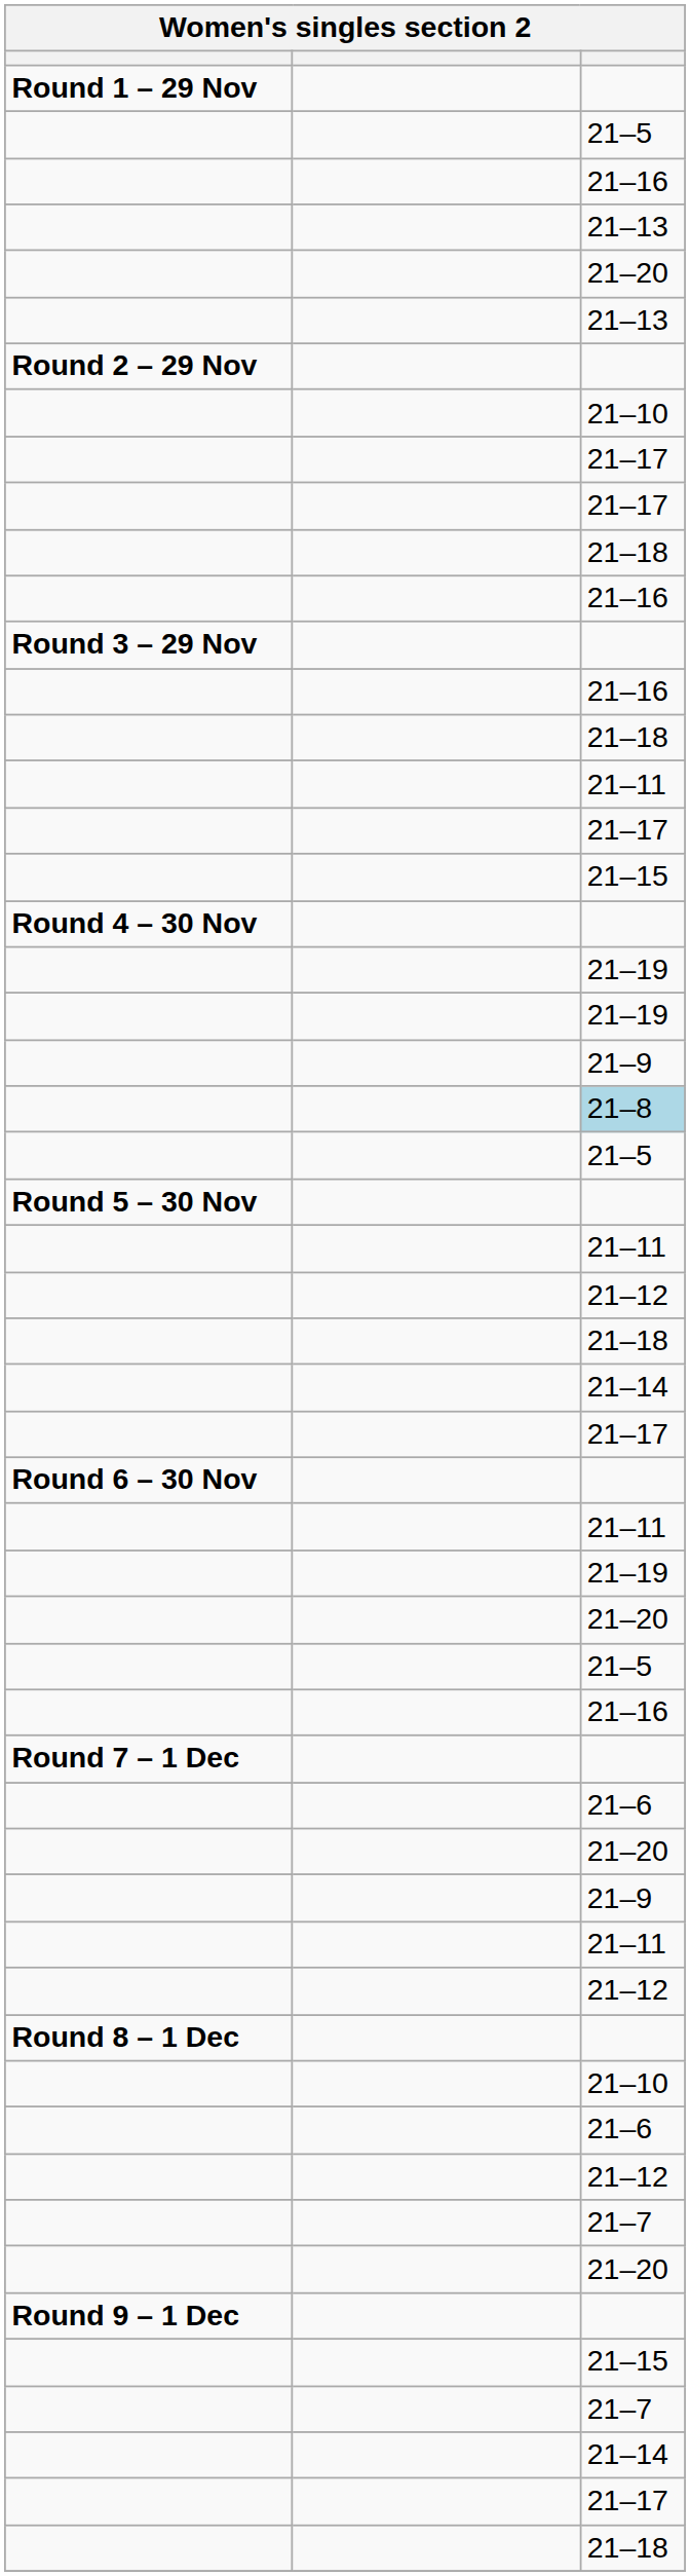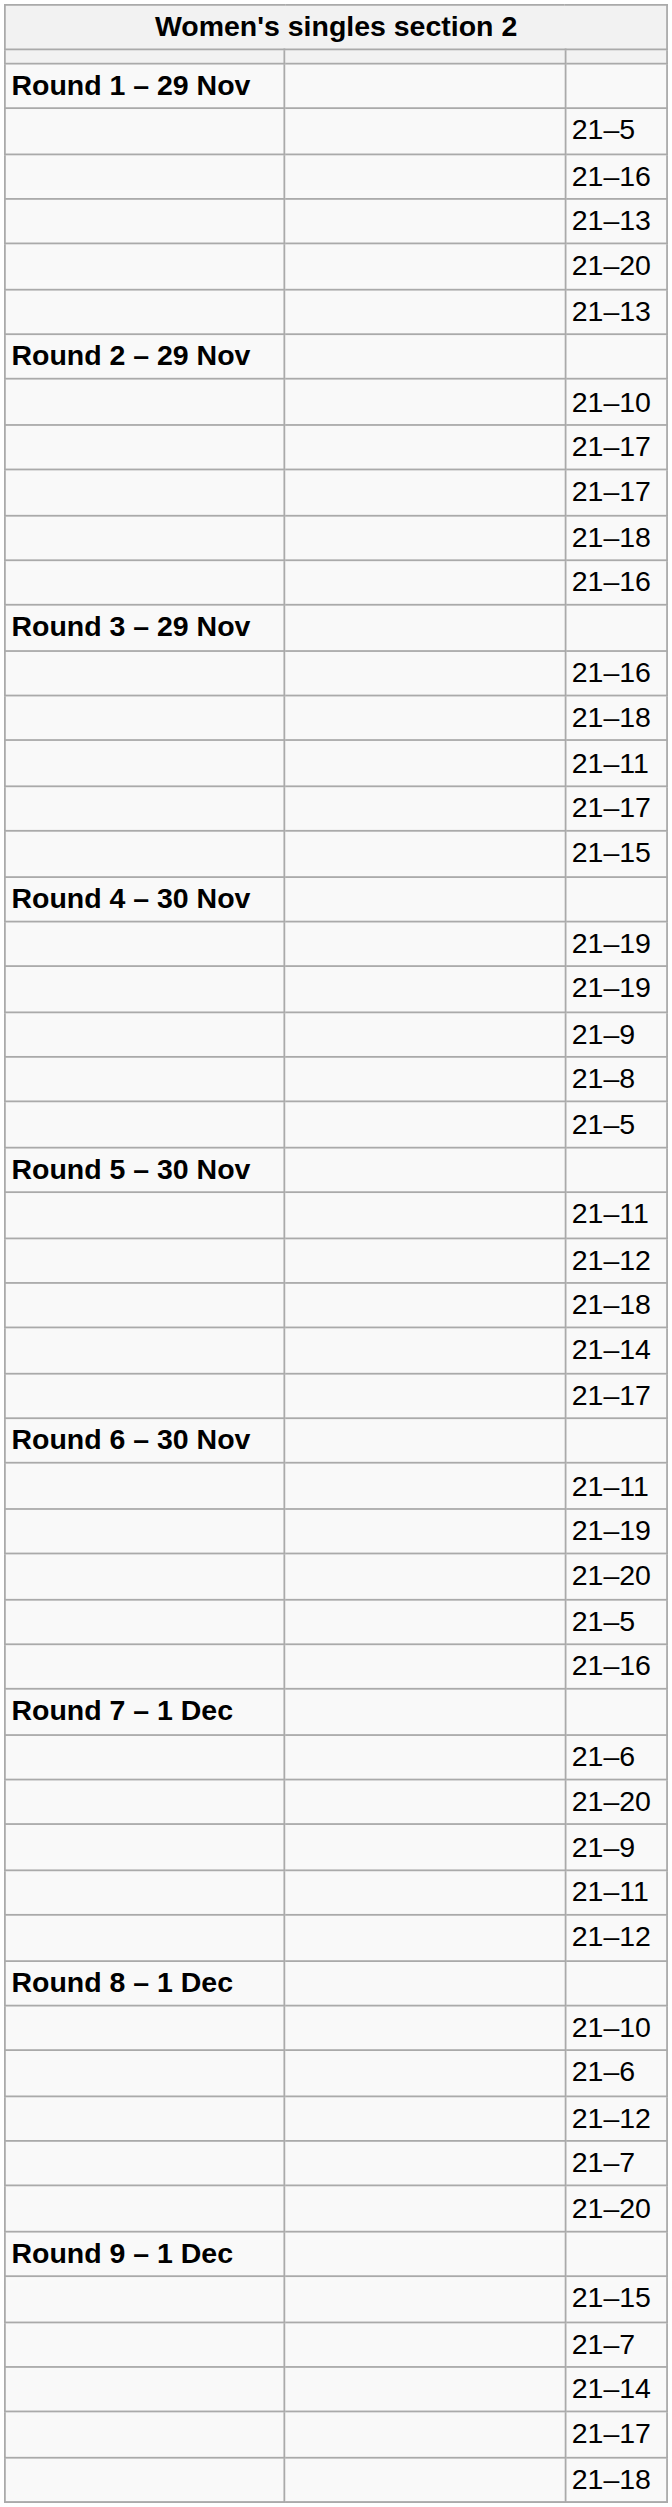 <table class="wikitable">
 <tr>
 <th colspan="3">Women's singles section 2</th>
 </tr>
 <tr>
 <th width=150></th>
 <th width=150></th>
 <th width=50></th>
 </tr>
 <tr>
 <td><strong>Round 1 – 29 Nov</strong></td>
 <td></td>
 <td></td>
 </tr>
 <tr>
 <td></td>
 <td></td>
 <td>21–5</td>
 </tr>
 <tr>
 <td></td>
 <td></td>
 <td>21–16</td>
 </tr>
 <tr>
 <td></td>
 <td></td>
 <td>21–13</td>
 </tr>
 <tr>
 <td></td>
 <td></td>
 <td>21–20</td>
 </tr>
 <tr>
 <td></td>
 <td></td>
 <td>21–13</td>
 </tr>
 <tr>
 <td><strong>Round 2 – 29 Nov</strong></td>
 <td></td>
 <td></td>
 </tr>
 <tr>
 <td></td>
 <td></td>
 <td>21–10</td>
 </tr>
 <tr>
 <td></td>
 <td></td>
 <td>21–17</td>
 </tr>
 <tr>
 <td></td>
 <td></td>
 <td>21–17</td>
 </tr>
 <tr>
 <td></td>
 <td></td>
 <td>21–18</td>
 </tr>
 <tr>
 <td></td>
 <td></td>
 <td>21–16</td>
 </tr>
 <tr>
 <td><strong>Round 3 – 29 Nov</strong></td>
 <td></td>
 <td></td>
 </tr>
 <tr>
 <td></td>
 <td></td>
 <td>21–16</td>
 </tr>
 <tr>
 <td></td>
 <td></td>
 <td>21–18</td>
 </tr>
 <tr>
 <td></td>
 <td></td>
 <td>21–11</td>
 </tr>
 <tr>
 <td></td>
 <td></td>
 <td>21–17</td>
 </tr>
 <tr>
 <td></td>
 <td></td>
 <td>21–15</td>
 </tr>
 <tr>
 <td><strong>Round 4 – 30 Nov</strong></td>
 <td></td>
 <td></td>
 </tr>
 <tr>
 <td></td>
 <td></td>
 <td>21–19</td>
 </tr>
 <tr>
 <td></td>
 <td></td>
 <td>21–19</td>
 </tr>
 <tr>
 <td></td>
 <td></td>
 <td>21–9</td>
 </tr>
 <tr>
 <td></td>
 <td></td>
-<td style="background: lightblue;">21–8</td>
+<td>21–8</td>
 </tr>
 <tr>
 <td></td>
 <td></td>
 <td>21–5</td>
 </tr>
 <tr>
 <td><strong>Round 5 – 30 Nov</strong></td>
 <td></td>
 <td></td>
 </tr>
 <tr>
 <td></td>
 <td></td>
 <td>21–11</td>
 </tr>
 <tr>
 <td></td>
 <td></td>
 <td>21–12</td>
 </tr>
 <tr>
 <td></td>
 <td></td>
 <td>21–18</td>
 </tr>
 <tr>
 <td></td>
 <td></td>
 <td>21–14</td>
 </tr>
 <tr>
 <td></td>
 <td></td>
 <td>21–17</td>
 </tr>
 <tr>
 <td><strong>Round 6  – 30 Nov </strong></td>
 <td></td>
 <td></td>
 </tr>
 <tr>
 <td></td>
 <td></td>
 <td>21–11</td>
 </tr>
 <tr>
 <td></td>
 <td></td>
 <td>21–19</td>
 </tr>
 <tr>
 <td></td>
 <td></td>
 <td>21–20</td>
 </tr>
 <tr>
 <td></td>
 <td></td>
 <td>21–5</td>
 </tr>
 <tr>
 <td></td>
 <td></td>
 <td>21–16</td>
 </tr>
 <tr>
 <td><strong>Round 7 – 1 Dec </strong></td>
 <td></td>
 <td></td>
 </tr>
 <tr>
 <td></td>
 <td></td>
 <td>21–6</td>
 </tr>
 <tr>
 <td></td>
 <td></td>
 <td>21–20</td>
 </tr>
 <tr>
 <td></td>
 <td></td>
 <td>21–9</td>
 </tr>
 <tr>
 <td></td>
 <td></td>
 <td>21–11</td>
 </tr>
 <tr>
 <td></td>
 <td></td>
 <td>21–12</td>
 </tr>
 <tr>
 <td><strong>Round 8 – 1 Dec </strong></td>
 <td></td>
 <td></td>
 </tr>
 <tr>
 <td></td>
 <td></td>
 <td>21–10</td>
 </tr>
 <tr>
 <td></td>
 <td></td>
 <td>21–6</td>
 </tr>
 <tr>
 <td></td>
 <td></td>
 <td>21–12</td>
 </tr>
 <tr>
 <td></td>
 <td></td>
 <td>21–7</td>
 </tr>
 <tr>
 <td></td>
 <td></td>
 <td>21–20</td>
 </tr>
 <tr>
 <td><strong>Round 9 – 1 Dec </strong></td>
 <td></td>
 <td></td>
 </tr>
 <tr>
 <td></td>
 <td></td>
 <td>21–15</td>
 </tr>
 <tr>
 <td></td>
 <td></td>
 <td>21–7</td>
 </tr>
 <tr>
 <td></td>
 <td></td>
 <td>21–14</td>
 </tr>
 <tr>
 <td></td>
 <td></td>
 <td>21–17</td>
 </tr>
 <tr>
 <td></td>
 <td></td>
 <td>21–18</td>
 </tr>
 <tr>
 </tr>
 </table>
